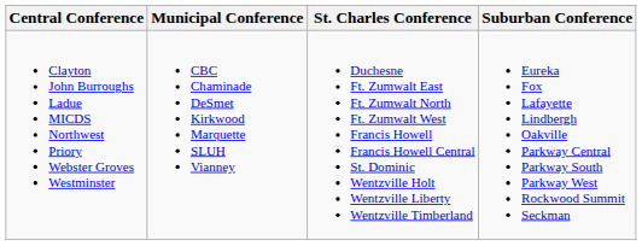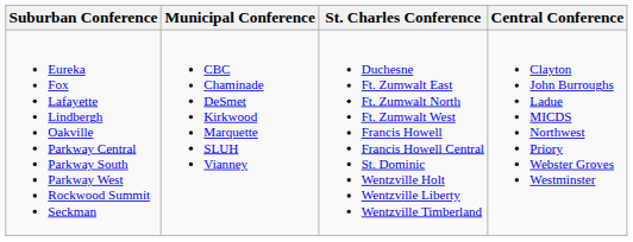 <table class="wikitable" style="margin: 1em auto 1em auto;">
 <tr>
-<th>Central Conference</th>
+<th>Suburban Conference</th>
 <th>Municipal Conference</th>
 <th>St. Charles Conference</th>
-<th>Suburban Conference</th>
+<th>Central Conference</th>
 </tr>
 <tr>
-<td style="vertical-align:top; font-size:smaller;"><br><ul><li><a href='#'>Clayton</a></li><li><a href='#'>John Burroughs</a></li><li><a href='#'>Ladue</a></li><li><a href='#'>MICDS</a></li><li><a href='#'>Northwest</a></li><li><a href='#'>Priory</a></li><li><a href='#'>Webster Groves</a></li><li><a href='#'>Westminster</a></li></ul></td>
+<td style="vertical-align:top; font-size:smaller;"><br><ul><li><a href='#'>Eureka</a></li><li><a href='#'>Fox</a></li><li><a href='#'>Lafayette</a></li><li><a href='#'>Lindbergh</a></li><li><a href='#'>Oakville</a></li><li><a href='#'>Parkway Central</a></li><li><a href='#'>Parkway South</a></li><li><a href='#'>Parkway West</a></li><li><a href='#'>Rockwood Summit</a></li><li><a href='#'>Seckman</a></li></ul></td>
 <td style="vertical-align:top; font-size:smaller;"><br><ul><li><a href='#'>CBC</a></li><li><a href='#'>Chaminade</a></li><li><a href='#'>DeSmet</a></li><li><a href='#'>Kirkwood</a></li><li><a href='#'>Marquette</a></li><li><a href='#'>SLUH</a></li><li><a href='#'>Vianney</a></li></ul></td>
 <td style="vertical-align:top; font-size:smaller;"><br><ul><li><a href='#'>Duchesne</a></li><li><a href='#'>Ft. Zumwalt East</a></li><li><a href='#'>Ft. Zumwalt North</a></li><li><a href='#'>Ft. Zumwalt West</a></li><li><a href='#'>Francis Howell</a></li><li><a href='#'>Francis Howell Central</a></li><li><a href='#'>St. Dominic</a></li><li><a href='#'>Wentzville Holt</a></li><li><a href='#'>Wentzville Liberty</a></li><li><a href='#'>Wentzville Timberland</a></li></ul></td>
-<td style="vertical-align:top; font-size:smaller;"><br><ul><li><a href='#'>Eureka</a></li><li><a href='#'>Fox</a></li><li><a href='#'>Lafayette</a></li><li><a href='#'>Lindbergh</a></li><li><a href='#'>Oakville</a></li><li><a href='#'>Parkway Central</a></li><li><a href='#'>Parkway South</a></li><li><a href='#'>Parkway West</a></li><li><a href='#'>Rockwood Summit</a></li><li><a href='#'>Seckman</a></li></ul></td>
+<td style="vertical-align:top; font-size:smaller;"><br><ul><li><a href='#'>Clayton</a></li><li><a href='#'>John Burroughs</a></li><li><a href='#'>Ladue</a></li><li><a href='#'>MICDS</a></li><li><a href='#'>Northwest</a></li><li><a href='#'>Priory</a></li><li><a href='#'>Webster Groves</a></li><li><a href='#'>Westminster</a></li></ul></td>
 </tr>
 </table>
